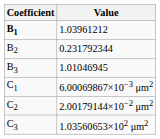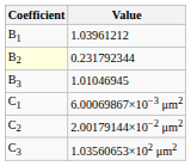 <table class="wikitable">
 <tr>
 <th>Coefficient</th>
 <th>Value</th>
 </tr>
 <tr>
-<td><strong>B<sub>1</sub></strong></td>
+<td>B<sub>1</sub></td>
 <td>1.03961212</td>
 </tr>
 <tr>
-<td>B<sub>2</sub></td>
+<td style="background: lightyellow;">B<sub>2</sub></td>
 <td>0.231792344</td>
 </tr>
 <tr>
 <td>B<sub>3</sub></td>
 <td>1.01046945</td>
 </tr>
 <tr>
 <td>C<sub>1</sub></td>
 <td>6.00069867×10<sup>−3</sup> μm<sup>2</sup></td>
 </tr>
 <tr>
 <td>C<sub>2</sub></td>
 <td>2.00179144×10<sup>−2</sup> μm<sup>2</sup></td>
 </tr>
 <tr>
 <td>C<sub>3</sub></td>
 <td>1.03560653×10<sup>2</sup> μm<sup>2</sup></td>
 </tr>
 </table>
